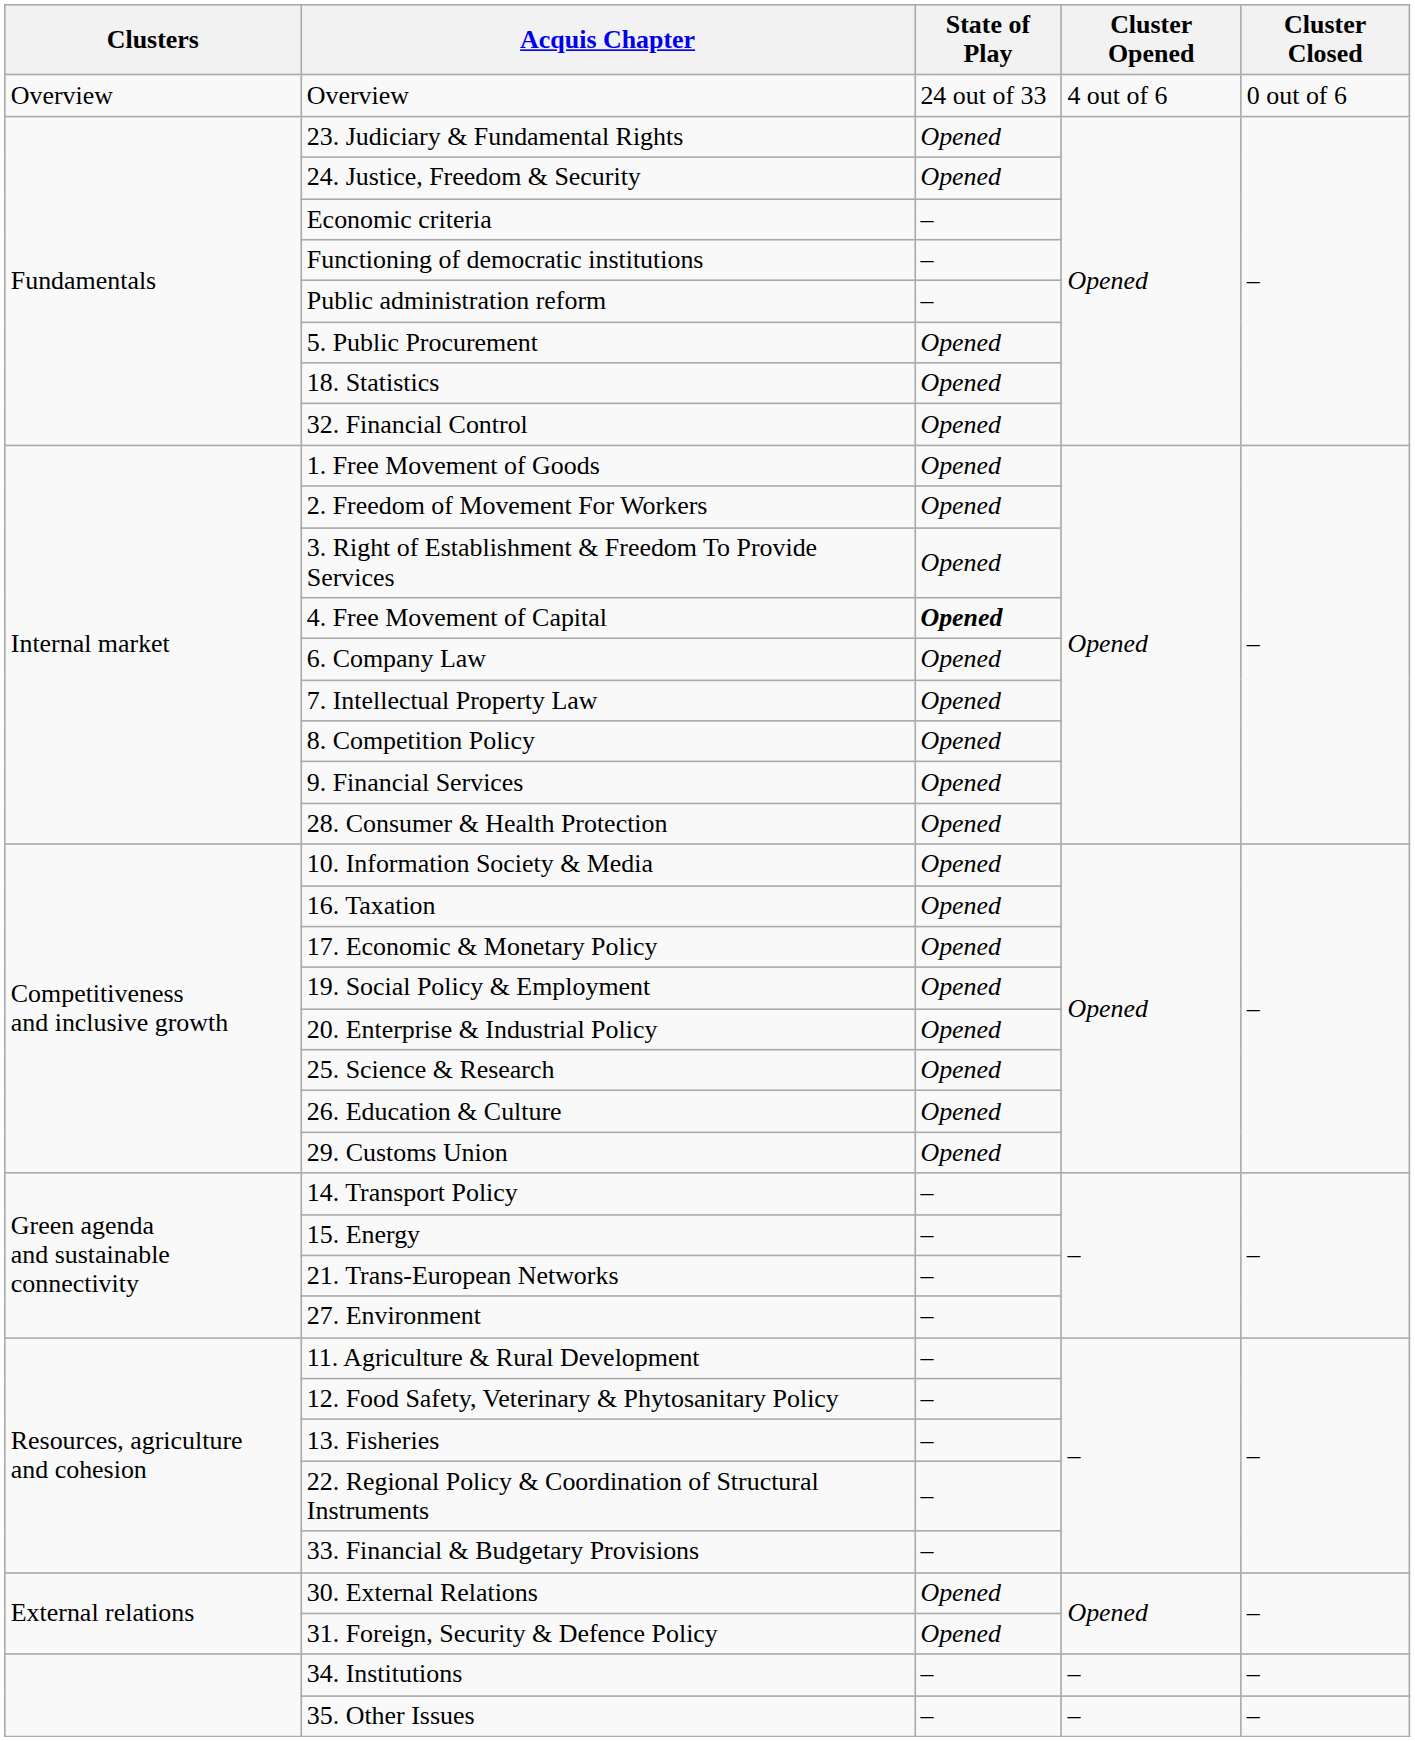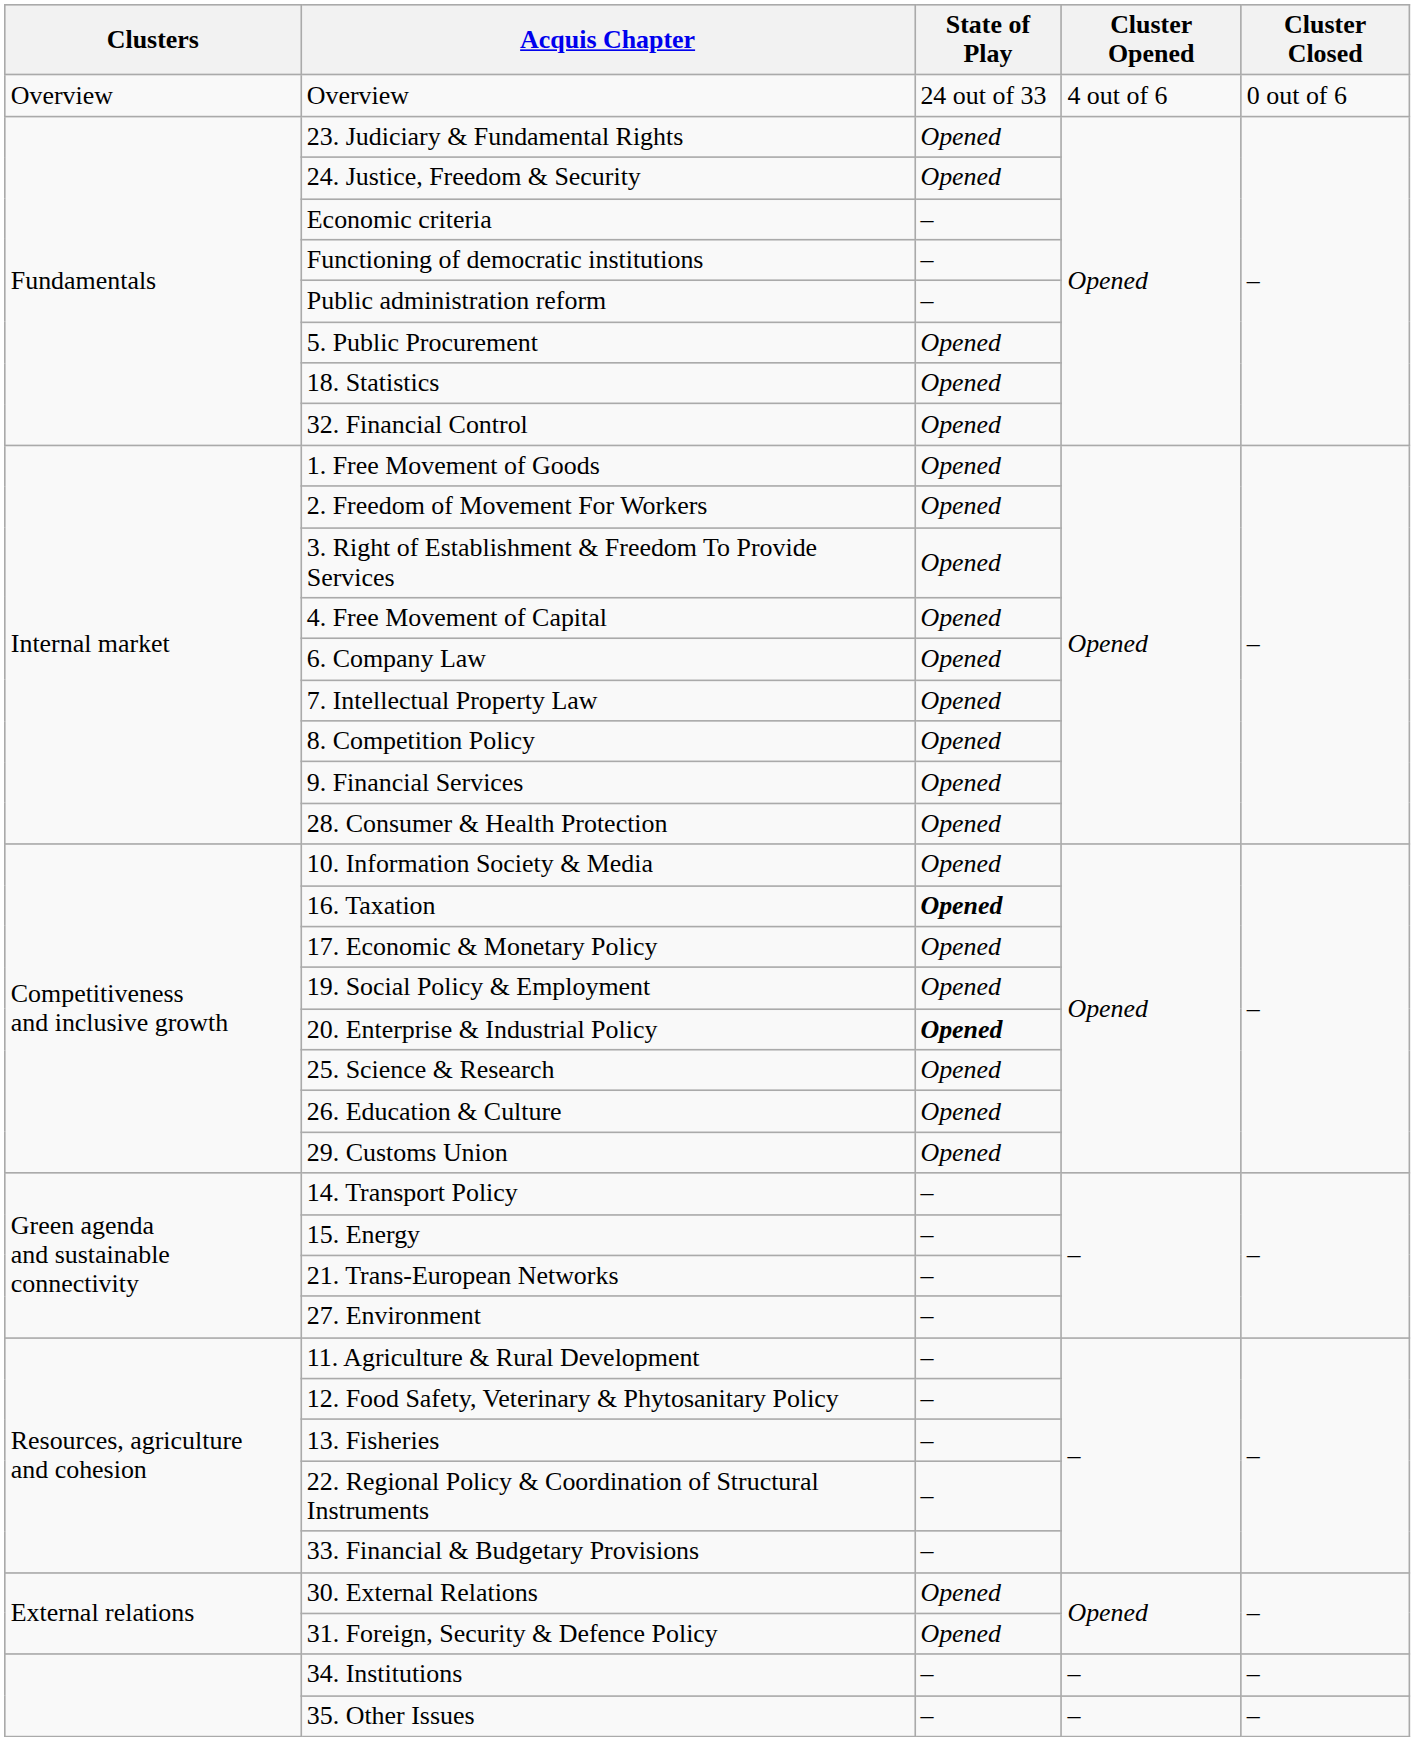 <table class="wikitable mw-collapsible mw-collapsed" style="text-align:left; font-size: 1.0em;">
 <tr>
 <th>Clusters</th>
 <th><a href='#'>Acquis Chapter</a></th>
 <th>State of Play</th>
 <th>Cluster Opened</th>
 <th>Cluster Closed</th>
 </tr>
 <tr>
 <td>Overview</td>
 <td>Overview</td>
 <td>24 out of 33</td>
 <td>4 out of 6</td>
 <td>0 out of 6</td>
 </tr>
 <tr>
 <td rowspan="8">Fundamentals</td>
 <td style="text-align:left;">23. Judiciary & Fundamental Rights</td>
 <td><em>Opened</em></td>
 <td rowspan="8"><em>Opened</em></td>
 <td rowspan="8">–</td>
 </tr>
 <tr>
 <td style="text-align:left;">24. Justice, Freedom & Security</td>
 <td><em>Opened</em></td>
 </tr>
 <tr>
 <td>Economic criteria</td>
 <td>–</td>
 </tr>
 <tr>
 <td>Functioning of democratic institutions</td>
 <td>–</td>
 </tr>
 <tr>
 <td>Public administration reform</td>
 <td>–</td>
 </tr>
 <tr>
 <td style="text-align:left;">5. Public Procurement</td>
 <td><em>Opened</em></td>
 </tr>
 <tr>
 <td style="text-align:left;">18. Statistics</td>
 <td><em>Opened</em></td>
 </tr>
 <tr>
 <td style="text-align:left;">32. Financial Control</td>
 <td><em>Opened</em></td>
 </tr>
 <tr>
 <td rowspan="9">Internal market</td>
 <td style="text-align:left;">1. Free Movement of Goods</td>
 <td><em>Opened</em></td>
 <td rowspan="9"><em>Opened</em></td>
 <td rowspan="9">–</td>
 </tr>
 <tr>
 <td style="text-align:left;">2. Freedom of Movement For Workers</td>
 <td><em>Opened</em></td>
 </tr>
 <tr>
 <td style="text-align:left;">3. Right of Establishment & Freedom To Provide Services</td>
 <td><em>Opened</em></td>
 </tr>
 <tr>
 <td style="text-align:left;">4. Free Movement of Capital</td>
-<td><strong><em>Opened</em></strong></td>
+<td><em>Opened</em></td>
 </tr>
 <tr>
 <td style="text-align:left;">6. Company Law</td>
 <td><em>Opened</em></td>
 </tr>
 <tr>
 <td style="text-align:left;">7. Intellectual Property Law</td>
 <td><em>Opened</em></td>
 </tr>
 <tr>
 <td style="text-align:left;">8. Competition Policy</td>
 <td><em>Opened</em></td>
 </tr>
 <tr>
 <td style="text-align:left;">9. Financial Services</td>
 <td><em>Opened</em></td>
 </tr>
 <tr>
 <td style="text-align:left;">28. Consumer & Health Protection</td>
 <td><em>Opened</em></td>
 </tr>
 <tr>
 <td rowspan="8">Competitiveness<br>and inclusive growth</td>
 <td style="text-align:left;">10. Information Society & Media</td>
 <td><em>Opened</em></td>
 <td rowspan="8"><em>Opened</em></td>
 <td rowspan="8">–</td>
 </tr>
 <tr>
 <td style="text-align:left;">16. Taxation</td>
-<td><em>Opened</em></td>
+<td><strong><em>Opened</em></strong></td>
 </tr>
 <tr>
 <td style="text-align:left;">17. Economic & Monetary Policy</td>
 <td><em>Opened</em></td>
 </tr>
 <tr>
 <td style="text-align:left;">19. Social Policy & Employment</td>
 <td><em>Opened</em></td>
 </tr>
 <tr>
 <td style="text-align:left;">20. Enterprise & Industrial Policy</td>
-<td><em>Opened</em></td>
+<td><strong><em>Opened</em></strong></td>
 </tr>
 <tr>
 <td style="text-align:left;">25. Science & Research</td>
 <td><em>Opened</em></td>
 </tr>
 <tr>
 <td style="text-align:left;">26. Education & Culture</td>
 <td><em>Opened</em></td>
 </tr>
 <tr>
 <td style="text-align:left;">29. Customs Union</td>
 <td><em>Opened</em></td>
 </tr>
 <tr>
 <td rowspan="4">Green agenda<br>and sustainable connectivity</td>
 <td style="text-align:left;">14. Transport Policy</td>
 <td><em>–</em></td>
 <td rowspan="4"><em>–</em></td>
 <td rowspan="4">–</td>
 </tr>
 <tr>
 <td style="text-align:left;">15. Energy</td>
 <td>–</td>
 </tr>
 <tr>
 <td style="text-align:left;">21. Trans-European Networks</td>
 <td>–</td>
 </tr>
 <tr>
 <td style="text-align:left;">27. Environment</td>
 <td>–</td>
 </tr>
 <tr>
 <td rowspan="5">Resources, agriculture<br>and cohesion</td>
 <td style="text-align:left;">11. Agriculture & Rural Development</td>
 <td><em>–</em></td>
 <td rowspan="5"><em>–</em></td>
 <td rowspan="5">–</td>
 </tr>
 <tr>
 <td style="text-align:left;">12. Food Safety, Veterinary & Phytosanitary Policy</td>
 <td><em>–</em></td>
 </tr>
 <tr>
 <td style="text-align:left;">13. Fisheries</td>
 <td><em>–</em></td>
 </tr>
 <tr>
 <td style="text-align:left;">22. Regional Policy & Coordination of Structural Instruments</td>
 <td>–</td>
 </tr>
 <tr>
 <td style="text-align:left;">33. Financial & Budgetary Provisions</td>
 <td><em>–</em></td>
 </tr>
 <tr>
 <td rowspan="2">External relations</td>
 <td style="text-align:left;">30. External Relations</td>
 <td><em>Opened</em></td>
 <td rowspan="2"><em>Opened</em></td>
 <td rowspan="2">–</td>
 </tr>
 <tr>
 <td style="text-align:left;">31. Foreign, Security & Defence Policy</td>
 <td><em>Opened</em></td>
 </tr>
 <tr>
 <td rowspan="2"></td>
 <td style="text-align:left;">34. Institutions</td>
 <td><em>–</em></td>
 <td>–</td>
 <td>–</td>
 </tr>
 <tr>
 <td style="text-align:left;">35. Other Issues</td>
 <td><em>–</em></td>
 <td>–</td>
 <td>–</td>
 </tr>
 </table>
